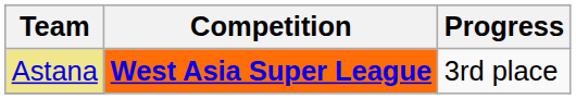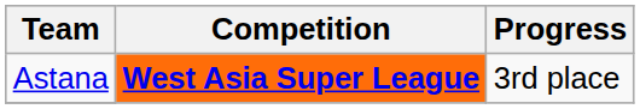 <table class="wikitable sortable">
 <tr>
 <th>Team</th>
 <th>Competition</th>
 <th>Progress</th>
 </tr>
 <tr>
-<td style="background: khaki;"><a href='#'>Astana</a></td>
+<td><a href='#'>Astana</a></td>
 <td rowspan="3" style="background:#ff6d09;color:#ffffff;text-align:center"><strong><a href='#'><span>West Asia Super League </span></a></strong></td>
 <td rowspan="4">3rd place</td>
 </tr>
 <tr>
 </tr>
 </table>
